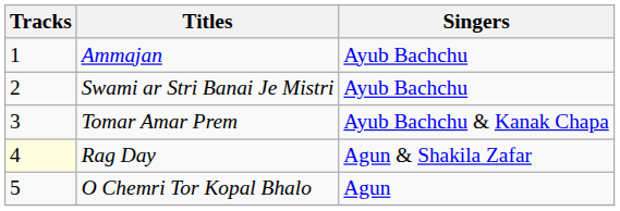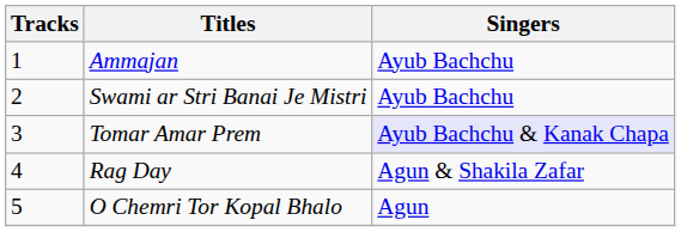 <table class="wikitable">
 <tr>
 <th>Tracks</th>
 <th>Titles</th>
 <th>Singers</th>
 </tr>
 <tr>
 <td>1</td>
 <td><em><a href='#'>Ammajan</a></em></td>
 <td><a href='#'>Ayub Bachchu</a></td>
 </tr>
 <tr>
 <td>2</td>
 <td><em>Swami ar Stri Banai Je Mistri</em></td>
 <td><a href='#'>Ayub Bachchu</a></td>
 </tr>
 <tr>
 <td>3</td>
 <td><em>Tomar Amar Prem</em></td>
-<td><a href='#'>Ayub Bachchu</a> & <a href='#'>Kanak Chapa</a></td>
+<td style="background: lavender;"><a href='#'>Ayub Bachchu</a> & <a href='#'>Kanak Chapa</a></td>
 </tr>
 <tr>
-<td style="background: lightyellow;">4</td>
+<td>4</td>
 <td><em>Rag Day</em></td>
 <td><a href='#'>Agun</a> & <a href='#'>Shakila Zafar</a></td>
 </tr>
 <tr>
 <td>5</td>
 <td><em>O Chemri Tor Kopal Bhalo</em></td>
 <td><a href='#'>Agun</a></td>
 </tr>
 <tr>
 </tr>
 </table>
